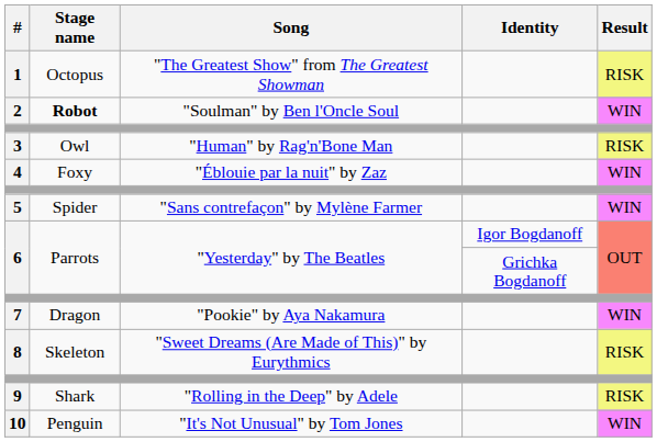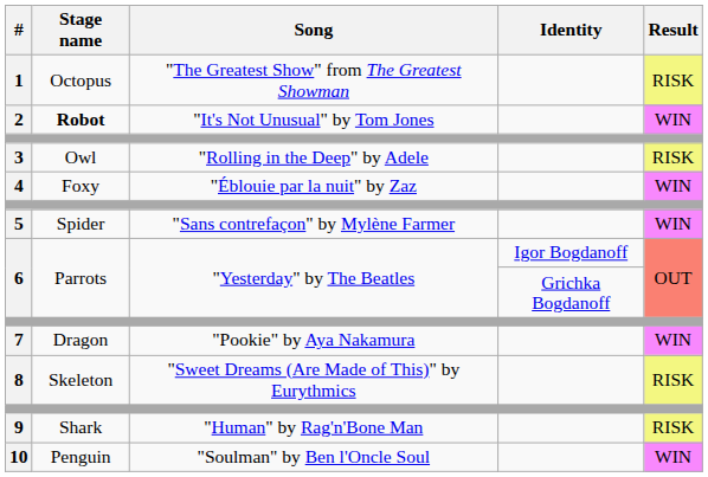 <table class="wikitable plainrowheaders" style="text-align: center;">
 <tr>
 <th>#</th>
 <th>Stage name</th>
 <th>Song</th>
 <th>Identity</th>
 <th>Result</th>
 </tr>
 <tr>
 <th>1</th>
 <td>Octopus</td>
 <td>"<a href='#'>The Greatest Show</a>" from <em><a href='#'>The Greatest Showman</a></em></td>
 <td></td>
 <td bgcolor="#F3F781">RISK</td>
 </tr>
 <tr>
 <th>2</th>
 <td><strong>Robot</strong></td>
-<td>"Soulman" by <a href='#'>Ben l'Oncle Soul</a></td>
+<td>"<a href='#'>It's Not Unusual</a>" by <a href='#'>Tom Jones</a></td>
 <td></td>
 <td bgcolor=#F888FD>WIN</td>
 </tr>
 <tr>
 <td colspan="5" style="background:darkgray"></td>
 </tr>
 <tr>
 <th>3</th>
 <td>Owl</td>
-<td>"<a href='#'>Human</a>" by <a href='#'>Rag'n'Bone Man</a></td>
+<td>"<a href='#'>Rolling in the Deep</a>" by <a href='#'>Adele</a></td>
 <td></td>
 <td bgcolor="#F3F781">RISK</td>
 </tr>
 <tr>
 <th>4</th>
 <td>Foxy</td>
 <td>"<a href='#'>Éblouie par la nuit</a>" by <a href='#'>Zaz</a></td>
 <td></td>
 <td bgcolor=#F888FD>WIN</td>
 </tr>
 <tr>
 <td colspan="5" style="background:darkgray"></td>
 </tr>
 <tr>
 <th>5</th>
 <td>Spider</td>
 <td>"<a href='#'>Sans contrefaçon</a>" by <a href='#'>Mylène Farmer</a></td>
 <td></td>
 <td bgcolor=#F888FD>WIN</td>
 </tr>
 <tr>
 <th rowspan="2">6</th>
 <td rowspan="2">Parrots</td>
 <td rowspan="2">"<a href='#'>Yesterday</a>" by <a href='#'>The Beatles</a></td>
 <td><a href='#'>Igor Bogdanoff</a></td>
 <td rowspan="2" bgcolor="salmon">OUT</td>
 </tr>
 <tr>
 <td><a href='#'>Grichka Bogdanoff</a></td>
 </tr>
 <tr>
 <td colspan="5" style="background:darkgray"></td>
 </tr>
 <tr>
 <th>7</th>
 <td>Dragon</td>
 <td>"Pookie" by <a href='#'>Aya Nakamura</a></td>
 <td></td>
 <td bgcolor=#F888FD>WIN</td>
 </tr>
 <tr>
 <th>8</th>
 <td>Skeleton</td>
 <td>"<a href='#'>Sweet Dreams (Are Made of This)</a>" by <a href='#'>Eurythmics</a></td>
 <td></td>
 <td bgcolor="#F3F781">RISK</td>
 </tr>
 <tr>
 <td colspan="5" style="background:darkgray"></td>
 </tr>
 <tr>
 <th>9</th>
 <td>Shark</td>
-<td>"<a href='#'>Rolling in the Deep</a>" by <a href='#'>Adele</a></td>
+<td>"<a href='#'>Human</a>" by <a href='#'>Rag'n'Bone Man</a></td>
 <td></td>
 <td bgcolor="#F3F781">RISK</td>
 </tr>
 <tr>
 <th>10</th>
 <td>Penguin</td>
-<td>"<a href='#'>It's Not Unusual</a>" by <a href='#'>Tom Jones</a></td>
+<td>"Soulman" by <a href='#'>Ben l'Oncle Soul</a></td>
 <td></td>
 <td bgcolor=#F888FD>WIN</td>
 </tr>
 </table>
